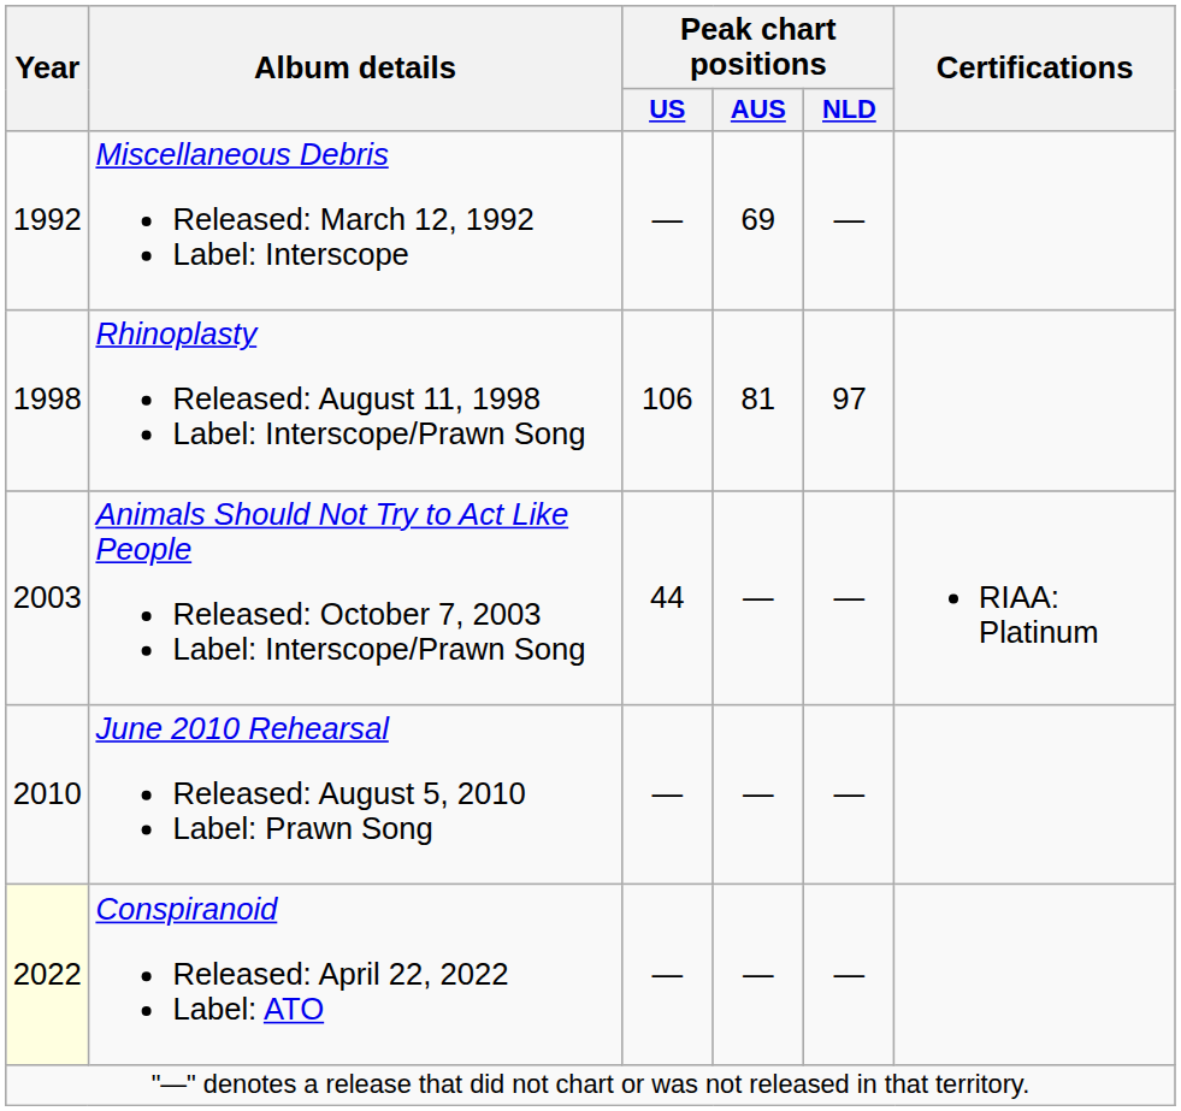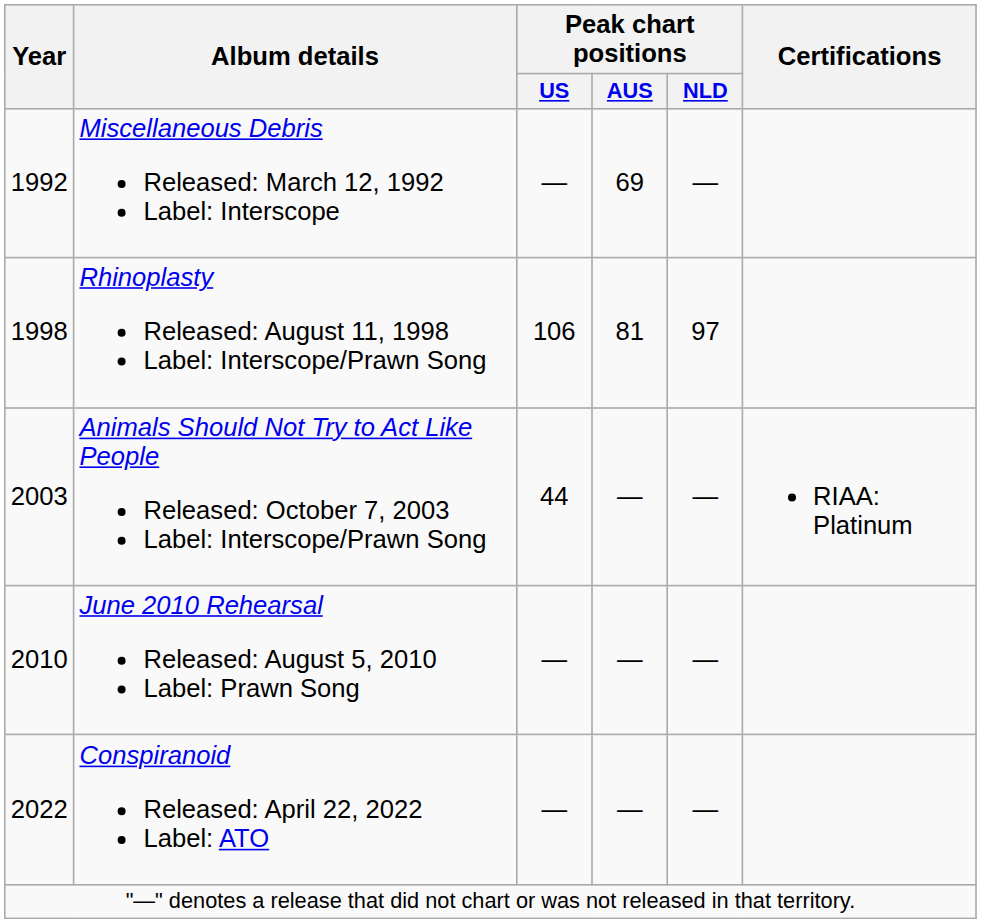 <table class="wikitable">
 <tr>
 <th rowspan="2">Year</th>
 <th rowspan="2">Album details</th>
 <th colspan="3">Peak chart positions</th>
 <th rowspan="2">Certifications</th>
 </tr>
 <tr>
 <th style="width:3em;font-size:85%"><a href='#'>US</a><br></th>
 <th style="width:3em;font-size:85%"><a href='#'>AUS</a><br></th>
 <th style="width:3em;font-size:85%"><a href='#'>NLD</a><br></th>
 </tr>
 <tr>
 <td>1992</td>
 <td><em><a href='#'>Miscellaneous Debris</a></em><br><ul><li>Released: March 12, 1992</li><li>Label: Interscope</li></ul></td>
 <td align="center">—</td>
 <td align="center">69</td>
 <td align="center">—</td>
 <td></td>
 </tr>
 <tr>
 <td>1998</td>
 <td><em><a href='#'>Rhinoplasty</a></em><br><ul><li>Released: August 11, 1998</li><li>Label: Interscope/Prawn Song</li></ul></td>
 <td align="center">106</td>
 <td align="center">81</td>
 <td align="center">97</td>
 <td></td>
 </tr>
 <tr>
 <td>2003</td>
 <td><em><a href='#'>Animals Should Not Try to Act Like People</a></em><br><ul><li>Released: October 7, 2003</li><li>Label: Interscope/Prawn Song</li></ul></td>
 <td align="center">44</td>
 <td align="center">—</td>
 <td align="center">—</td>
 <td><br><ul><li>RIAA: Platinum</li></ul></td>
 </tr>
 <tr>
 <td>2010</td>
 <td><em><a href='#'>June 2010 Rehearsal</a></em><br><ul><li>Released: August 5, 2010</li><li>Label: Prawn Song</li></ul></td>
 <td align="center">—</td>
 <td align="center">—</td>
 <td align="center">—</td>
 <td></td>
 </tr>
 <tr>
-<td style="background: lightyellow;">2022</td>
+<td>2022</td>
 <td><em><a href='#'>Conspiranoid</a></em><br><ul><li>Released: April 22, 2022</li><li>Label: <a href='#'>ATO</a></li></ul></td>
 <td align="center">—</td>
 <td align="center">—</td>
 <td align="center">—</td>
 <td></td>
 </tr>
 <tr>
 <td align="center" colspan="15" style="font-size: 85%">"—" denotes a release that did not chart or was not released in that territory.</td>
 </tr>
 </table>
